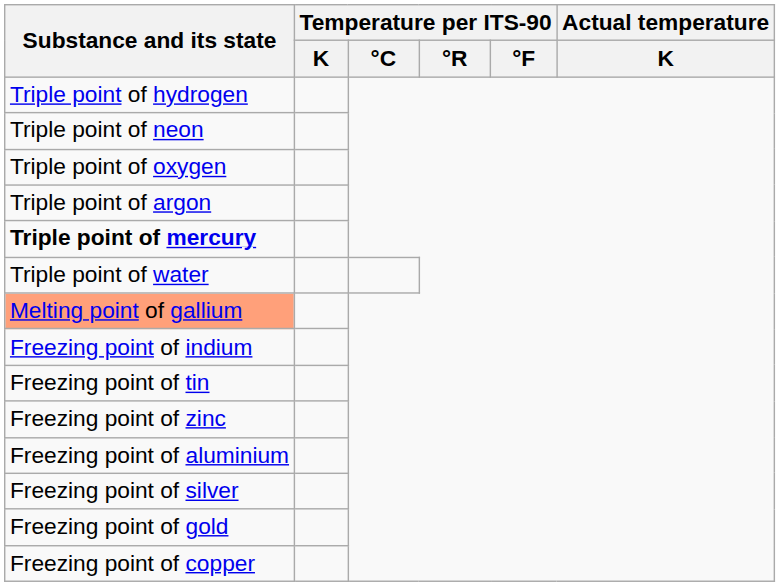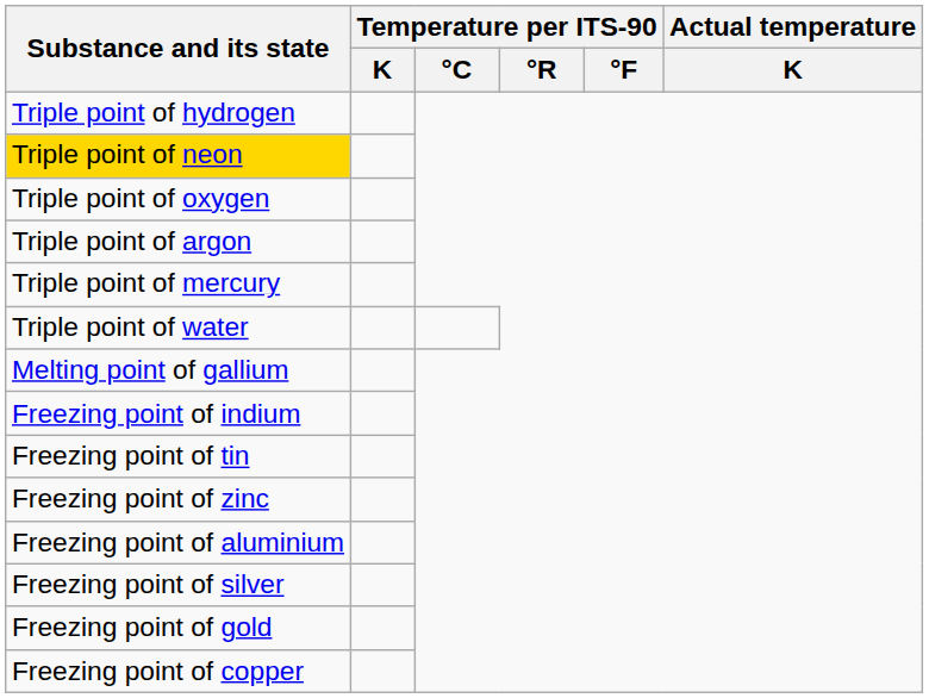 <table class="wikitable">
 <tr>
 <th rowspan=2>Substance and its state</th>
 <th colspan=4>Temperature per ITS-90</th>
 <th>Actual temperature</th>
 </tr>
 <tr>
 <th>K</th>
 <th>°C</th>
 <th>°R</th>
 <th>°F</th>
 <th>K</th>
 </tr>
 <tr>
 <td><a href='#'>Triple point</a> of <a href='#'>hydrogen</a></td>
 <td></td>
 </tr>
 <tr>
-<td>Triple point of <a href='#'>neon</a></td>
+<td style="background: gold;">Triple point of <a href='#'>neon</a></td>
 <td></td>
 </tr>
 <tr>
 <td>Triple point of <a href='#'>oxygen</a></td>
 <td></td>
 </tr>
 <tr>
 <td>Triple point of <a href='#'>argon</a></td>
 <td></td>
 </tr>
 <tr>
-<td><strong>Triple point of <a href='#'>mercury</a></strong></td>
+<td>Triple point of <a href='#'>mercury</a></td>
 <td></td>
 </tr>
 <tr>
 <td>Triple point of <a href='#'>water</a></td>
 <td></td>
 <td></td>
 </tr>
 <tr>
-<td style="background: lightsalmon;"><a href='#'>Melting point</a> of <a href='#'>gallium</a></td>
+<td><a href='#'>Melting point</a> of <a href='#'>gallium</a></td>
 <td></td>
 </tr>
 <tr>
 <td><a href='#'>Freezing point</a> of <a href='#'>indium</a></td>
 <td></td>
 </tr>
 <tr>
 <td>Freezing point of <a href='#'>tin</a></td>
 <td></td>
 </tr>
 <tr>
 <td>Freezing point of <a href='#'>zinc</a></td>
 <td></td>
 </tr>
 <tr>
 <td>Freezing point of <a href='#'>aluminium</a></td>
 <td></td>
 </tr>
 <tr>
 <td>Freezing point of <a href='#'>silver</a></td>
 <td></td>
 </tr>
 <tr>
 <td>Freezing point of <a href='#'>gold</a></td>
 <td></td>
 </tr>
 <tr>
 <td>Freezing point of <a href='#'>copper</a></td>
 <td></td>
 </tr>
 </table>
